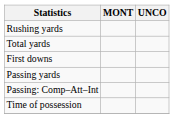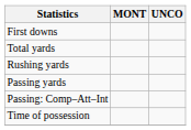 <table class="wikitable" style="float: left;">
 <tr>
 <th>Statistics</th>
 <th>MONT</th>
 <th>UNCO</th>
 </tr>
 <tr>
-<td>Rushing yards</td>
+<td>First downs</td>
 <td></td>
 <td></td>
 </tr>
 <tr>
 <td>Total yards</td>
 <td></td>
 <td></td>
 </tr>
 <tr>
-<td>First downs</td>
+<td>Rushing yards</td>
 <td></td>
 <td></td>
 </tr>
 <tr>
 <td>Passing yards</td>
 <td></td>
 <td></td>
 </tr>
 <tr>
 <td>Passing: Comp–Att–Int</td>
 <td></td>
 <td></td>
 </tr>
 <tr>
 <td>Time of possession</td>
 <td></td>
 <td></td>
 </tr>
 <tr>
 </tr>
 </table>
